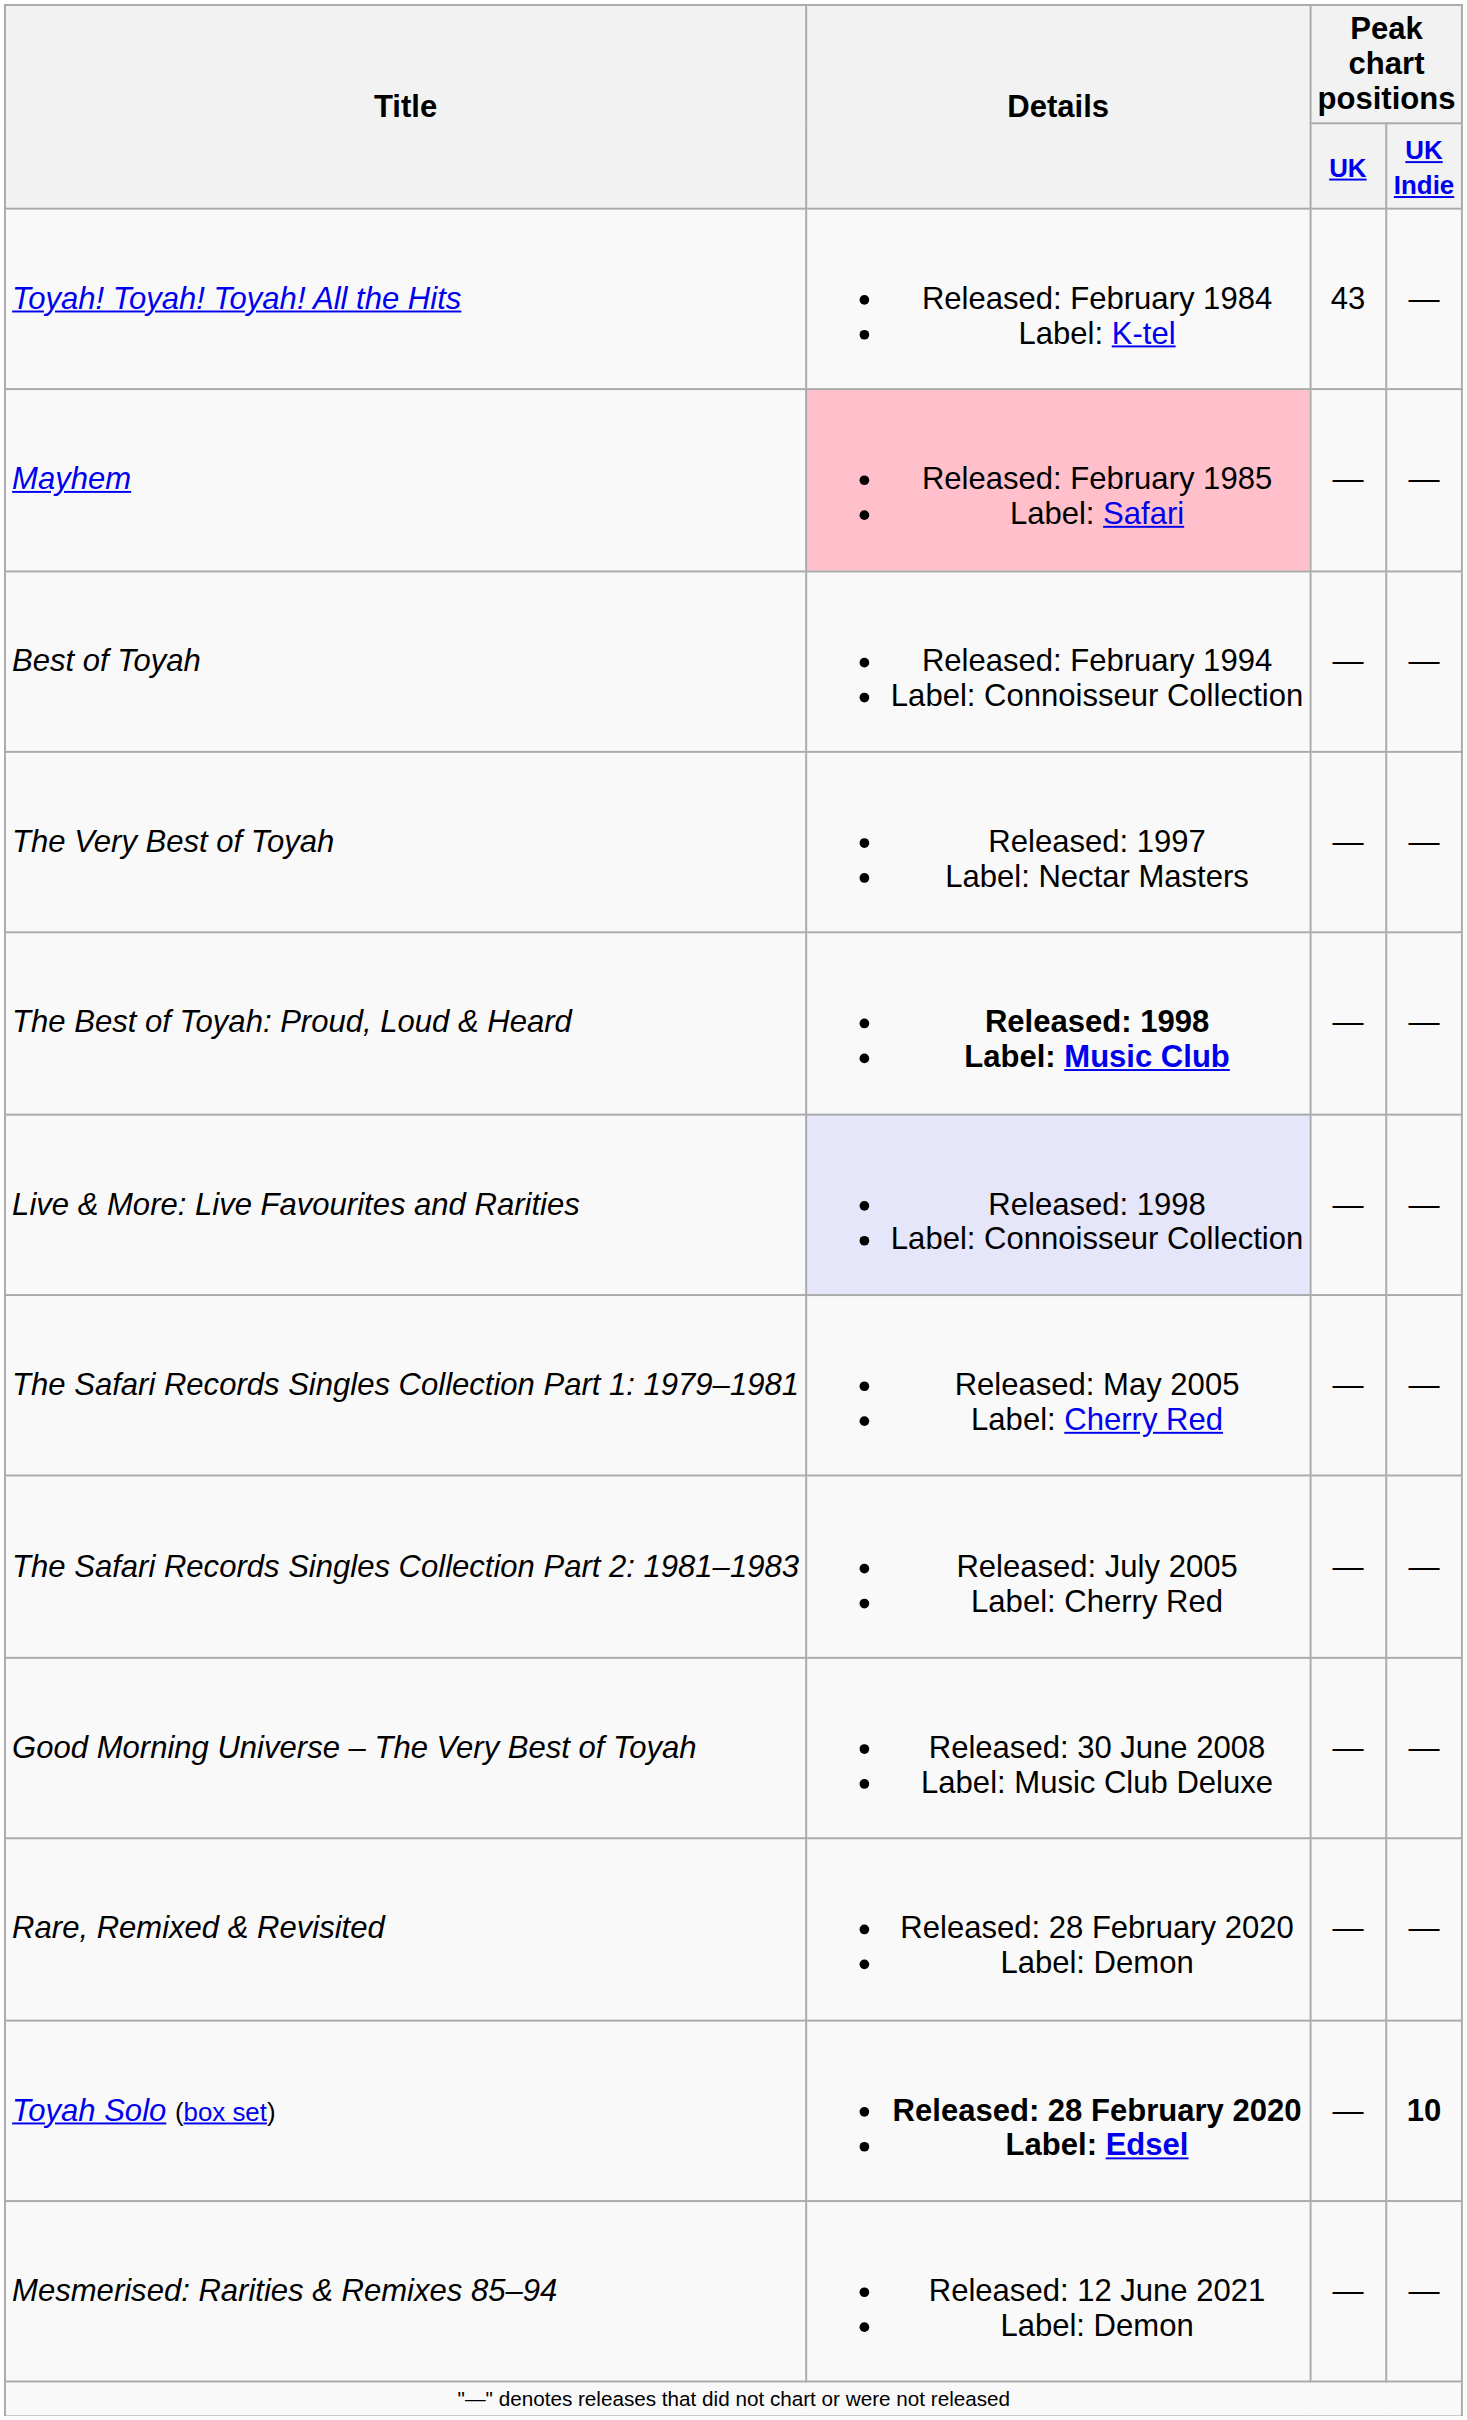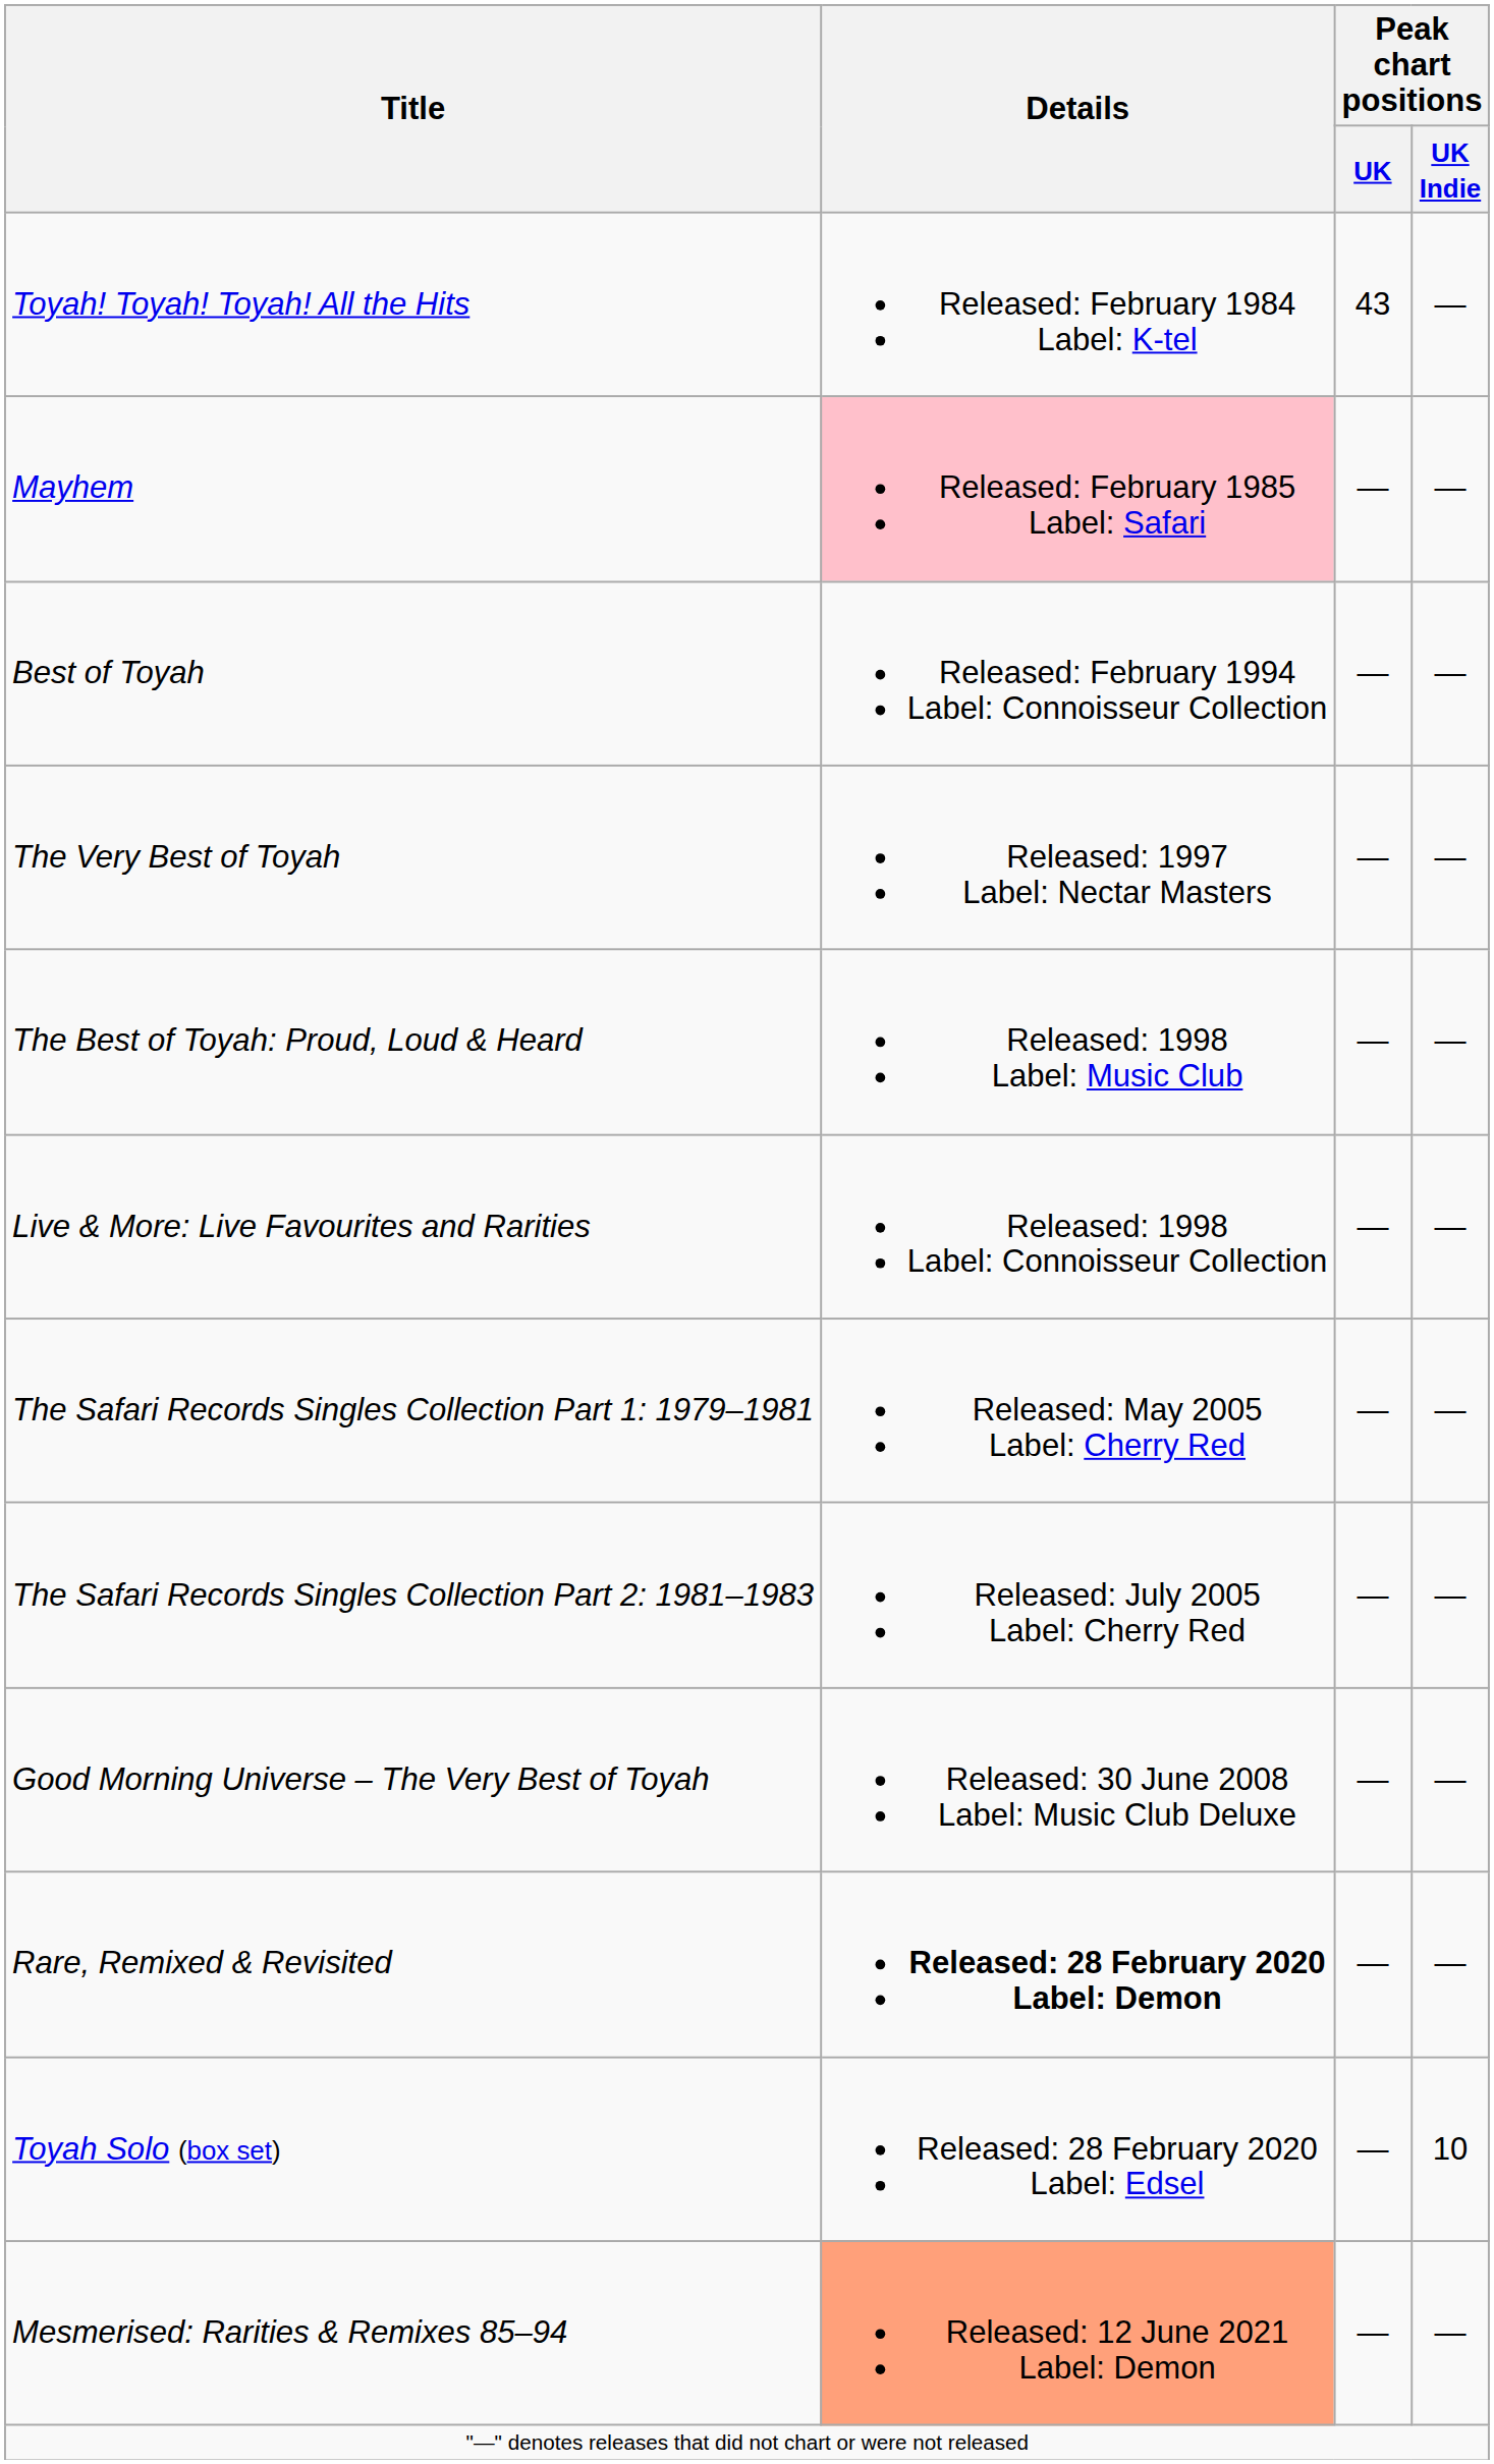 <table class="wikitable" style="text-align:center">
 <tr>
 <th rowspan="2">Title</th>
 <th rowspan="2">Details</th>
 <th colspan="2">Peak chart positions</th>
 </tr>
 <tr>
 <th width="30"><small><a href='#'>UK</a></small><br></th>
 <th width="30"><small><a href='#'>UK<br>Indie</a></small><br></th>
 </tr>
 <tr>
 <td align="left"><em><a href='#'>Toyah! Toyah! Toyah! All the Hits</a></em></td>
 <td><br><ul><li>Released: February 1984</li><li>Label: <a href='#'>K-tel</a></li></ul></td>
 <td>43</td>
 <td>—</td>
 </tr>
 <tr>
 <td align="left"><em><a href='#'>Mayhem</a></em></td>
 <td style="background: pink;"><br><ul><li>Released: February 1985</li><li>Label: <a href='#'>Safari</a></li></ul></td>
 <td>—</td>
 <td>—</td>
 </tr>
 <tr>
 <td align="left"><em>Best of Toyah</em></td>
 <td><br><ul><li>Released: February 1994</li><li>Label: Connoisseur Collection</li></ul></td>
 <td>—</td>
 <td>—</td>
 </tr>
 <tr>
 <td align="left"><em>The Very Best of Toyah</em></td>
 <td><br><ul><li>Released: 1997</li><li>Label: Nectar Masters</li></ul></td>
 <td>—</td>
 <td>—</td>
 </tr>
 <tr>
 <td align="left"><em>The Best of Toyah: Proud, Loud & Heard</em></td>
-<td><strong><br><ul><li>Released: 1998</li><li>Label: <a href='#'>Music Club</a></li></ul></strong></td>
+<td><br><ul><li>Released: 1998</li><li>Label: <a href='#'>Music Club</a></li></ul></td>
 <td>—</td>
 <td>—</td>
 </tr>
 <tr>
 <td align="left"><em>Live & More: Live Favourites and Rarities</em></td>
-<td style="background: lavender;"><br><ul><li>Released: 1998</li><li>Label: Connoisseur Collection</li></ul></td>
+<td><br><ul><li>Released: 1998</li><li>Label: Connoisseur Collection</li></ul></td>
 <td>—</td>
 <td>—</td>
 </tr>
 <tr>
 <td align="left"><em>The Safari Records Singles Collection Part 1: 1979–1981</em></td>
 <td><br><ul><li>Released: May 2005</li><li>Label: <a href='#'>Cherry Red</a></li></ul></td>
 <td>—</td>
 <td>—</td>
 </tr>
 <tr>
 <td align="left"><em>The Safari Records Singles Collection Part 2: 1981–1983</em></td>
 <td><br><ul><li>Released: July 2005</li><li>Label: Cherry Red</li></ul></td>
 <td>—</td>
 <td>—</td>
 </tr>
 <tr>
 <td align="left"><em>Good Morning Universe – The Very Best of Toyah</em></td>
 <td><br><ul><li>Released: 30 June 2008</li><li>Label: Music Club Deluxe</li></ul></td>
 <td>—</td>
 <td>—</td>
 </tr>
 <tr>
 <td align="left"><em>Rare, Remixed & Revisited</em></td>
-<td><br><ul><li>Released: 28 February 2020</li><li>Label: Demon</li></ul></td>
+<td><strong><br><ul><li>Released: 28 February 2020</li><li>Label: Demon</li></ul></strong></td>
 <td>—</td>
 <td>—</td>
 </tr>
 <tr>
 <td align="left"><em><a href='#'>Toyah Solo</a></em> <small>(<a href='#'>box set</a>)</small></td>
-<td><strong><br><ul><li>Released: 28 February 2020</li><li>Label: <a href='#'>Edsel</a></li></ul></strong></td>
+<td><br><ul><li>Released: 28 February 2020</li><li>Label: <a href='#'>Edsel</a></li></ul></td>
 <td>—</td>
-<td><strong>10</strong></td>
+<td>10</td>
 </tr>
 <tr>
 <td align="left"><em>Mesmerised: Rarities & Remixes 85–94</em></td>
-<td><br><ul><li>Released: 12 June 2021</li><li>Label: Demon</li></ul></td>
+<td style="background: lightsalmon;"><br><ul><li>Released: 12 June 2021</li><li>Label: Demon</li></ul></td>
 <td>—</td>
 <td>—</td>
 </tr>
 <tr>
 <td colspan="4" style="font-size:8pt">"—" denotes releases that did not chart or were not released</td>
 </tr>
 </table>
